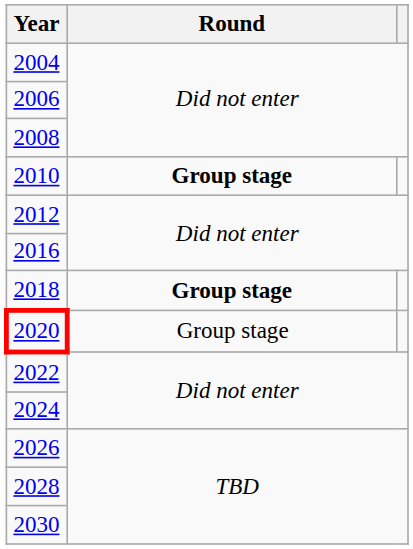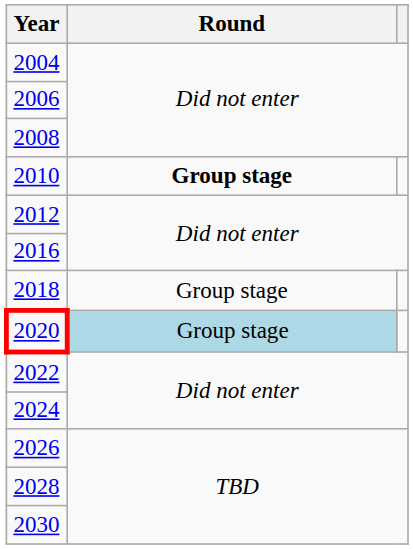 <table class="wikitable" style="text-align: center; font-size:90%">
 <tr>
 <th>Year</th>
 <th style="width:200px">Round</th>
 <th></th>
 </tr>
 <tr>
 <td><a href='#'>2004</a></td>
 <td colspan="2" rowspan="3"><em>Did not enter</em></td>
 </tr>
 <tr>
 <td><a href='#'>2006</a></td>
 </tr>
 <tr>
 <td><a href='#'>2008</a></td>
 </tr>
 <tr>
 <td><a href='#'>2010</a></td>
 <td><strong>Group stage</strong></td>
 <td></td>
 </tr>
 <tr>
 <td><a href='#'>2012</a></td>
 <td colspan="2" rowspan="2"><em>Did not enter</em></td>
 </tr>
 <tr>
 <td><a href='#'>2016</a></td>
 </tr>
 <tr>
 <td><a href='#'>2018</a></td>
-<td><strong>Group stage</strong></td>
+<td>Group stage</td>
 <td></td>
 </tr>
 <tr>
 <td style="border: 3px solid red"><a href='#'>2020</a></td>
-<td>Group stage</td>
+<td style="background: lightblue;">Group stage</td>
 <td></td>
 </tr>
 <tr>
 <td><a href='#'>2022</a></td>
 <td colspan="2" rowspan="2"><em>Did not enter</em></td>
 </tr>
 <tr>
 <td><a href='#'>2024</a></td>
 </tr>
 <tr>
 <td><a href='#'>2026</a></td>
 <td colspan="2" rowspan="3"><em>TBD</em></td>
 </tr>
 <tr>
 <td><a href='#'>2028</a></td>
 </tr>
 <tr>
 <td><a href='#'>2030</a></td>
 </tr>
 </table>
